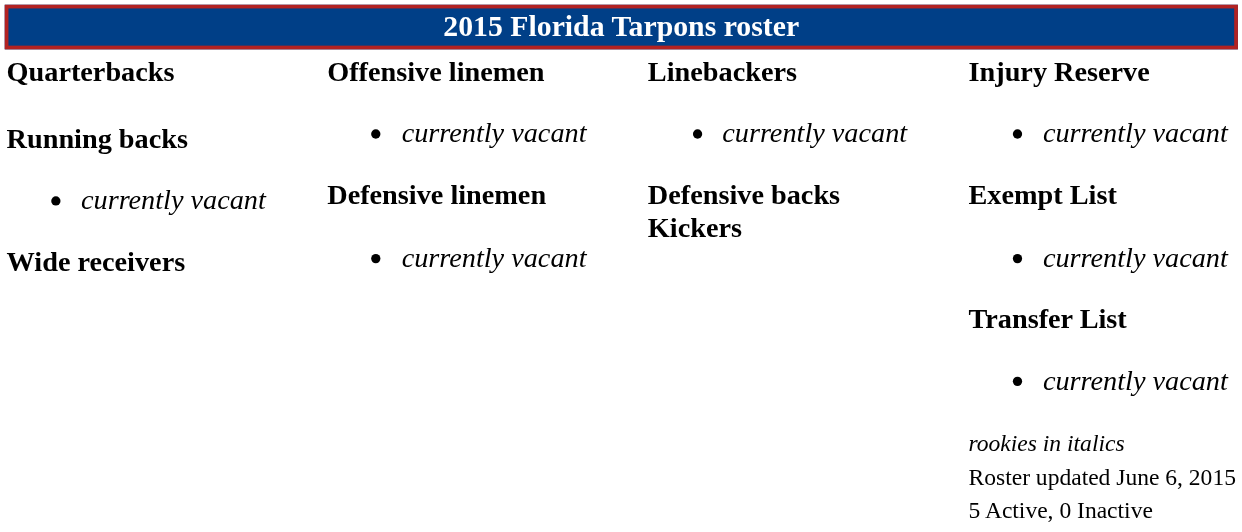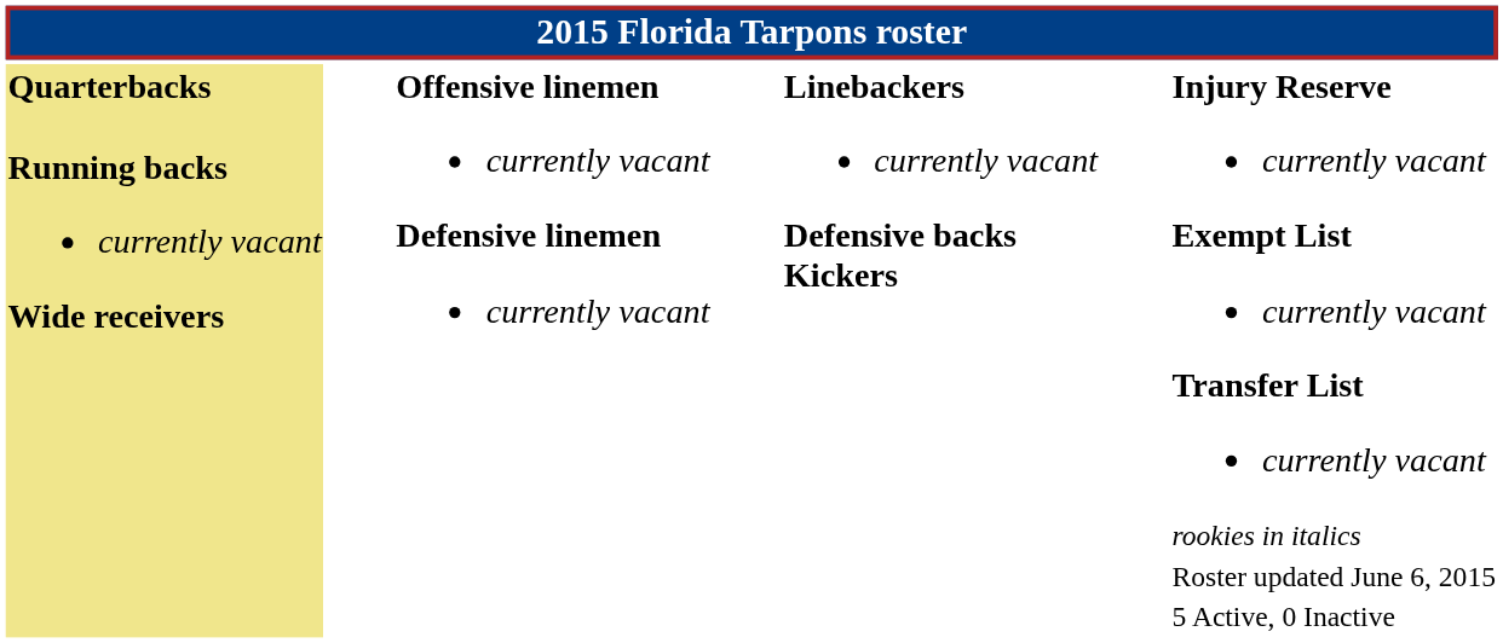 <table class="toccolours" style="text-align: left;">
 <tr>
 <th colspan="7" style="background:#003F87; border:2px solid #B22222; color:white; text-align:center;"><strong>2015 Florida Tarpons roster</strong></th>
 </tr>
 <tr>
-<td style="font-size: 95%;" valign="top"><strong>Quarterbacks</strong><br><br><strong>Running backs</strong><ul><li><em>currently vacant</em></li></ul><strong>Wide receivers</strong>  </td>
+<td style="background: khaki; font-size: 95%;" valign="top"><strong>Quarterbacks</strong><br><br><strong>Running backs</strong><ul><li><em>currently vacant</em></li></ul><strong>Wide receivers</strong>  </td>
 <td style="width: 25px;"></td>
 <td style="font-size: 95%;" valign="top"><strong>Offensive linemen</strong><br><ul><li><em>currently vacant</em></li></ul><strong>Defensive linemen</strong><ul><li><em>currently vacant</em></li></ul></td>
 <td style="width: 25px;"></td>
 <td style="font-size: 95%;" valign="top"><strong>Linebackers</strong><br><ul><li><em>currently vacant</em></li></ul><strong>Defensive backs</strong> <br><strong>Kickers</strong> </td>
 <td style="width: 25px;"></td>
 <td style="font-size: 95%;" valign="top"><strong>Injury Reserve</strong><br><ul><li><em>currently vacant</em></li></ul><strong>Exempt List</strong><ul><li><em>currently vacant</em></li></ul><strong>Transfer List</strong><ul><li><em>currently vacant</em></li></ul><small><em>rookies in italics</em><br>Roster updated June 6, 2015</small><br> <small>5 Active, 0 Inactive</small></td>
 </tr>
 <tr>
 </tr>
 </table>
